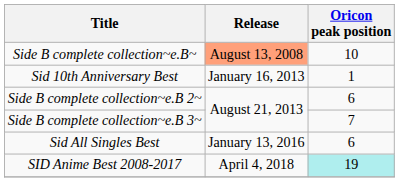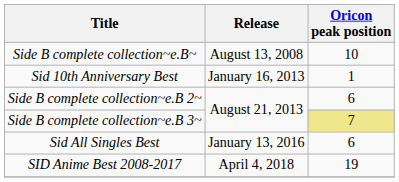 <table class="wikitable" style="text-align:center;">
 <tr>
 <th>Title</th>
 <th>Release</th>
 <th><a href='#'>Oricon</a> <br> peak position</th>
 </tr>
 <tr>
 <td><em>Side B complete collection~e.B~</em></td>
-<td style="background: lightsalmon;">August 13, 2008</td>
+<td>August 13, 2008</td>
 <td>10</td>
 </tr>
 <tr>
 <td><em>Sid 10th Anniversary Best</em></td>
 <td>January 16, 2013</td>
 <td>1</td>
 </tr>
 <tr>
 <td><em>Side B complete collection~e.B 2~</em></td>
 <td rowspan="2">August 21, 2013</td>
 <td>6</td>
 </tr>
 <tr>
 <td><em>Side B complete collection~e.B 3~</em></td>
-<td>7</td>
+<td style="background: khaki;">7</td>
 </tr>
 <tr>
 <td><em>Sid All Singles Best</em></td>
 <td>January 13, 2016</td>
 <td>6</td>
 </tr>
 <tr>
 <td><em>SID Anime Best 2008-2017</em></td>
 <td>April 4, 2018</td>
-<td style="background: paleturquoise;">19</td>
+<td>19</td>
 </tr>
 <tr>
 </tr>
 </table>
